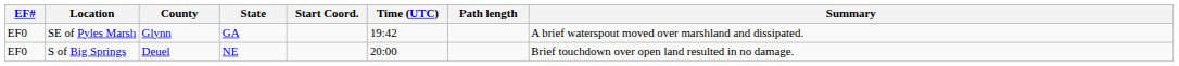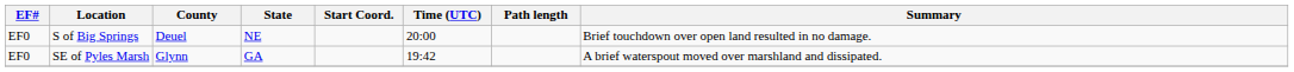 <table class="wikitable sortable" style="width:100%;">
 <tr>
 <th scope="col"  style="width:3%; text-align:center;"><a href='#'>EF#</a></th>
 <th scope="col"  style="width:7%; text-align:center;" class="unsortable">Location</th>
 <th scope="col"  style="width:6%; text-align:center;" class="unsortable">County</th>
 <th scope="col"  style="width:5%; text-align:center;">State</th>
 <th scope="col"  style="width:6%; text-align:center;">Start Coord.</th>
 <th scope="col"  style="width:6%; text-align:center;">Time (<a href='#'>UTC</a>)</th>
 <th scope="col"  style="width:6%; text-align:center;">Path length</th>
 <th scope="col" class="unsortable" style="width:48%; text-align:center;">Summary</th>
 </tr>
 <tr>
 <td>EF0</td>
+<td>S of <a href='#'>Big Springs</a></td>
+<td><a href='#'>Deuel</a></td>
+<td><a href='#'>NE</a></td>
+<td></td>
+<td>20:00</td>
+<td></td>
+<td>Brief touchdown over open land resulted in no damage.</td>
+</tr>
+<tr>
+<td>EF0</td>
 <td>SE of <a href='#'>Pyles Marsh</a></td>
 <td><a href='#'>Glynn</a></td>
 <td><a href='#'>GA</a></td>
 <td></td>
 <td>19:42</td>
 <td></td>
 <td>A brief waterspout moved over marshland and dissipated.</td>
 </tr>
 <tr>
-<td>EF0</td>
-<td>S of <a href='#'>Big Springs</a></td>
-<td><a href='#'>Deuel</a></td>
-<td><a href='#'>NE</a></td>
-<td></td>
-<td>20:00</td>
-<td></td>
-<td>Brief touchdown over open land resulted in no damage.</td>
-</tr>
-<tr>
 </tr>
 </table>
